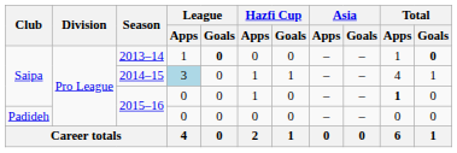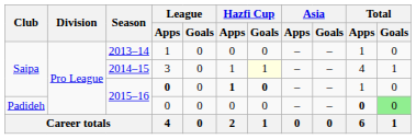 <table class="wikitable" style="text-align: center;">
 <tr>
 <th rowspan="2">Club</th>
 <th rowspan="2">Division</th>
 <th rowspan="2">Season</th>
 <th colspan="2">League</th>
 <th colspan="2"><a href='#'>Hazfi Cup</a></th>
 <th colspan="2"><a href='#'>Asia</a></th>
 <th colspan="2">Total</th>
 </tr>
 <tr>
 <th>Apps</th>
 <th>Goals</th>
 <th>Apps</th>
 <th>Goals</th>
 <th>Apps</th>
 <th>Goals</th>
 <th>Apps</th>
 <th>Goals</th>
 </tr>
 <tr>
 <td rowspan="3"><a href='#'>Saipa</a></td>
 <td rowspan="4"><a href='#'>Pro League</a></td>
 <td><a href='#'>2013–14</a></td>
 <td>1</td>
-<td><strong>0</strong></td>
+<td>0</td>
 <td>0</td>
 <td>0</td>
 <td>–</td>
 <td>–</td>
 <td>1</td>
-<td><strong>0</strong></td>
+<td>0</td>
 </tr>
 <tr>
 <td><a href='#'>2014–15</a></td>
-<td style="background: lightblue;">3</td>
+<td>3</td>
 <td>0</td>
 <td>1</td>
-<td>1</td>
+<td style="background: lightyellow;">1</td>
 <td>–</td>
 <td>–</td>
 <td>4</td>
 <td>1</td>
 </tr>
 <tr>
 <td rowspan="2"><a href='#'>2015–16</a></td>
+<td><strong>0</strong></td>
 <td>0</td>
-<td>0</td>
-<td>1</td>
-<td>0</td>
+<td><strong>1</strong></td>
+<td><strong>0</strong></td>
 <td>–</td>
 <td>–</td>
-<td><strong>1</strong></td>
+<td>1</td>
 <td>0</td>
 </tr>
 <tr>
 <td><a href='#'>Padideh</a></td>
 <td>0</td>
 <td>0</td>
 <td>0</td>
 <td>0</td>
 <td>–</td>
 <td>–</td>
-<td>0</td>
-<td>0</td>
+<td><strong>0</strong></td>
+<td style="background: lightgreen;">0</td>
 </tr>
 <tr>
 <th colspan=3>Career totals</th>
 <th>4</th>
 <th>0</th>
 <th>2</th>
 <th>1</th>
 <th>0</th>
 <th>0</th>
 <th>6</th>
 <th>1</th>
 </tr>
 </table>
